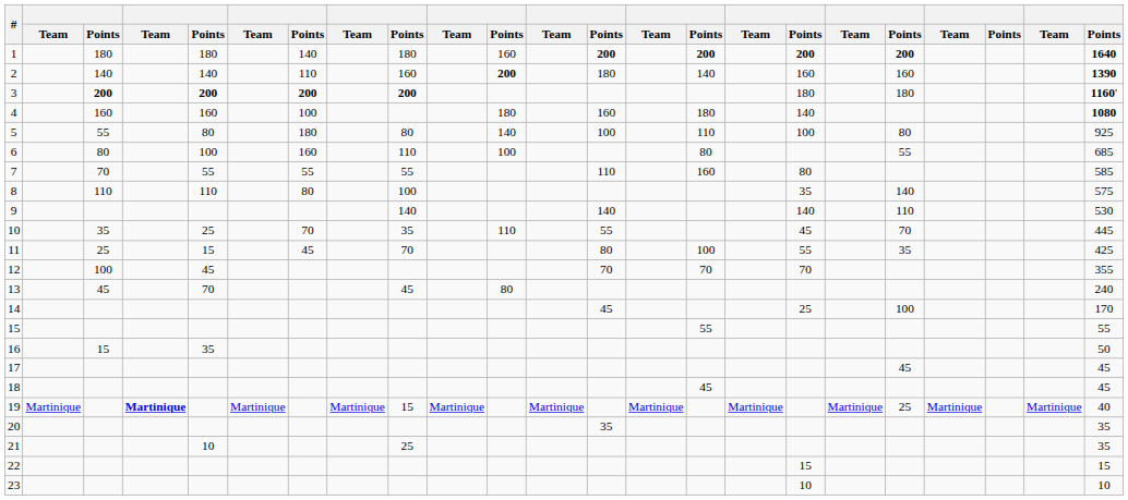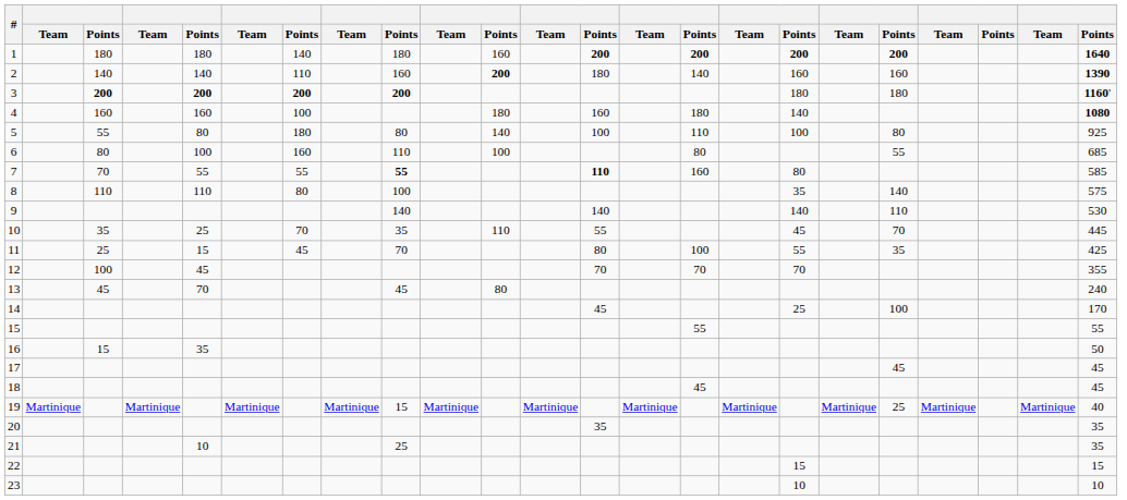 <table class=wikitable style="text-align:center;" width=100%>
 <tr>
 <th rowspan=2 width=5%>#</th>
 <th colspan=2><br></th>
 <th colspan=2></th>
 <th colspan=2></th>
 <th colspan=2><br></th>
 <th colspan=2><br></th>
 <th colspan=2><br></th>
 <th colspan=2></th>
 <th colspan=2><br></th>
 <th colspan=2><br></th>
 <th colspan=2><br></th>
 <th colspan=2></th>
 </tr>
 <tr>
 <th>Team</th>
 <th>Points</th>
 <th>Team</th>
 <th>Points</th>
 <th>Team</th>
 <th>Points</th>
 <th>Team</th>
 <th>Points</th>
 <th>Team</th>
 <th>Points</th>
 <th>Team</th>
 <th>Points</th>
 <th>Team</th>
 <th>Points</th>
 <th>Team</th>
 <th>Points</th>
 <th>Team</th>
 <th>Points</th>
 <th>Team</th>
 <th>Points</th>
 <th>Team</th>
 <th>Points</th>
 </tr>
 <tr>
 <td>1</td>
 <td></td>
 <td>180</td>
 <td></td>
 <td>180</td>
 <td></td>
 <td>140</td>
 <td></td>
 <td>180</td>
 <td></td>
 <td>160</td>
 <td></td>
 <td><strong>200</strong></td>
 <td></td>
 <td><strong>200</strong></td>
 <td></td>
 <td><strong>200</strong></td>
 <td></td>
 <td><strong>200</strong></td>
 <td></td>
 <td></td>
 <td></td>
 <td><strong>1640</strong></td>
 </tr>
 <tr>
 <td>2</td>
 <td></td>
 <td>140</td>
 <td></td>
 <td>140</td>
 <td></td>
 <td>110</td>
 <td></td>
 <td>160</td>
 <td></td>
 <td><strong>200</strong></td>
 <td></td>
 <td>180</td>
 <td></td>
 <td>140</td>
 <td></td>
 <td>160</td>
 <td></td>
 <td>160</td>
 <td></td>
 <td></td>
 <td></td>
 <td><strong>1390</strong></td>
 </tr>
 <tr>
 <td>3</td>
 <td></td>
 <td><strong>200</strong></td>
 <td></td>
 <td><strong>200</strong></td>
 <td></td>
 <td><strong>200</strong></td>
 <td></td>
 <td><strong>200</strong></td>
 <td></td>
 <td></td>
 <td></td>
 <td></td>
 <td></td>
 <td></td>
 <td></td>
 <td>180</td>
 <td></td>
 <td>180</td>
 <td></td>
 <td></td>
 <td></td>
 <td><strong>1160</strong>'</td>
 </tr>
 <tr>
 <td>4</td>
 <td></td>
 <td>160</td>
 <td></td>
 <td>160</td>
 <td></td>
 <td>100</td>
 <td></td>
 <td></td>
 <td></td>
 <td>180</td>
 <td></td>
 <td>160</td>
 <td></td>
 <td>180</td>
 <td></td>
 <td>140</td>
 <td></td>
 <td></td>
 <td></td>
 <td></td>
 <td></td>
 <td><strong>1080<em></td>
 </tr>
 <tr>
 <td>5</td>
 <td></td>
 <td>55</td>
 <td></td>
 <td>80</td>
 <td></td>
 <td>180</td>
 <td></td>
 <td>80</td>
 <td></td>
 <td>140</td>
 <td></td>
 <td>100</td>
 <td></td>
 <td>110</td>
 <td></td>
 <td>100</td>
 <td></td>
 <td>80</td>
 <td></td>
 <td></td>
 <td></td>
 <td></strong>925<strong></td>
 </tr>
 <tr>
 <td>6</td>
 <td></td>
 <td>80</td>
 <td></td>
 <td>100</td>
 <td></td>
 <td>160</td>
 <td></td>
 <td>110</td>
 <td></td>
 <td>100</td>
 <td></td>
 <td></td>
 <td></td>
 <td>80</td>
 <td></td>
 <td></td>
 <td></td>
 <td>55</td>
 <td></td>
 <td></td>
 <td></td>
 <td></strong>685<strong></td>
 </tr>
 <tr>
 <td>7</td>
 <td></td>
 <td>70</td>
 <td></td>
 <td>55</td>
 <td></td>
 <td>55</td>
 <td></td>
-<td>55</td>
+<td><strong>55</strong></td>
 <td></td>
 <td></td>
 <td></td>
-<td>110</td>
+<td><strong>110</strong></td>
 <td></td>
 <td>160</td>
 <td></td>
 <td>80</td>
 <td></td>
 <td></td>
 <td></td>
 <td></td>
 <td></td>
 <td></strong>585<strong></td>
 </tr>
 <tr>
 <td>8</td>
 <td></td>
 <td>110</td>
 <td></td>
 <td>110</td>
 <td></td>
 <td>80</td>
 <td></td>
 <td>100</td>
 <td></td>
 <td></td>
 <td></td>
 <td></td>
 <td></td>
 <td></td>
 <td></td>
 <td>35</td>
 <td></td>
 <td>140</td>
 <td></td>
 <td></td>
 <td></td>
 <td></strong>575<strong></td>
 </tr>
 <tr>
 <td>9</td>
 <td></td>
 <td></td>
 <td></td>
 <td></td>
 <td></td>
 <td></td>
 <td></td>
 <td>140</td>
 <td></td>
 <td></td>
 <td></td>
 <td>140</td>
 <td></td>
 <td></td>
 <td></td>
 <td>140</td>
 <td></td>
 <td>110</td>
 <td></td>
 <td></td>
 <td></td>
 <td></strong>530<strong></td>
 </tr>
 <tr>
 <td>10</td>
 <td></td>
 <td>35</td>
 <td></td>
 <td>25</td>
 <td></td>
 <td>70</td>
 <td></td>
 <td>35</td>
 <td></td>
 <td>110</td>
 <td></td>
 <td>55</td>
 <td></td>
 <td></td>
 <td></td>
 <td>45</td>
 <td></td>
 <td>70</td>
 <td></td>
 <td></td>
 <td></td>
 <td></strong>445<strong></td>
 </tr>
 <tr>
 <td>11</td>
 <td></td>
 <td>25</td>
 <td></td>
 <td>15</td>
 <td></td>
 <td>45</td>
 <td></td>
 <td>70</td>
 <td></td>
 <td></td>
 <td></td>
 <td>80</td>
 <td></td>
 <td>100</td>
 <td></td>
 <td>55</td>
 <td></td>
 <td>35</td>
 <td></td>
 <td></td>
 <td></td>
 <td></strong>425<strong></td>
 </tr>
 <tr>
 <td>12</td>
 <td></td>
 <td>100</td>
 <td></td>
 <td>45</td>
 <td></td>
 <td></td>
 <td></td>
 <td></td>
 <td></td>
 <td></td>
 <td></td>
 <td>70</td>
 <td></td>
 <td>70</td>
 <td></td>
 <td>70</td>
 <td></td>
 <td></td>
 <td></td>
 <td></td>
 <td></td>
 <td></strong>355<strong></td>
 </tr>
 <tr>
 <td>13</td>
 <td></td>
 <td>45</td>
 <td></td>
 <td>70</td>
 <td></td>
 <td></td>
 <td></td>
 <td>45</td>
 <td></td>
 <td>80</td>
 <td></td>
 <td></td>
 <td></td>
 <td></td>
 <td></td>
 <td></td>
 <td></td>
 <td></td>
 <td></td>
 <td></td>
 <td></td>
 <td></strong>240<strong></td>
 </tr>
 <tr>
 <td>14</td>
 <td></td>
 <td></td>
 <td></td>
 <td></td>
 <td></td>
 <td></td>
 <td></td>
 <td></td>
 <td></td>
 <td></td>
 <td></td>
 <td>45</td>
 <td></td>
 <td></td>
 <td></td>
 <td>25</td>
 <td></td>
 <td>100</td>
 <td></td>
 <td></td>
 <td></td>
 <td></strong>170<strong></td>
 </tr>
 <tr>
 <td>15</td>
 <td></td>
 <td></td>
 <td></td>
 <td></td>
 <td></td>
 <td></td>
 <td></td>
 <td></td>
 <td></td>
 <td></td>
 <td></td>
 <td></td>
 <td></td>
 <td>55</td>
 <td></td>
 <td></td>
 <td></td>
 <td></td>
 <td></td>
 <td></td>
 <td></td>
 <td></strong>55<strong></td>
 </tr>
 <tr>
 <td>16</td>
 <td></td>
 <td>15</td>
 <td></td>
 <td>35</td>
 <td></td>
 <td></td>
 <td></td>
 <td></td>
 <td></td>
 <td></td>
 <td></td>
 <td></td>
 <td></td>
 <td></td>
 <td></td>
 <td></td>
 <td></td>
 <td></td>
 <td></td>
 <td></td>
 <td></td>
 <td></strong>50<strong></td>
 </tr>
 <tr>
 <td>17</td>
 <td></td>
 <td></td>
 <td></td>
 <td></td>
 <td></td>
 <td></td>
 <td></td>
 <td></td>
 <td></td>
 <td></td>
 <td></td>
 <td></td>
 <td></td>
 <td></td>
 <td></td>
 <td></td>
 <td></td>
 <td>45</td>
 <td></td>
 <td></td>
 <td></td>
 <td></strong>45<strong></td>
 </tr>
 <tr>
 <td>18</td>
 <td></td>
 <td></td>
 <td></td>
 <td></td>
 <td></td>
 <td></td>
 <td></td>
 <td></td>
 <td></td>
 <td></td>
 <td></td>
 <td></td>
 <td></td>
 <td>45</td>
 <td></td>
 <td></td>
 <td></td>
 <td></td>
 <td></td>
 <td></td>
 <td></td>
 <td></strong>45<strong></td>
 </tr>
 <tr>
 <td>19</td>
 <td> <a href='#'>Martinique</a></td>
 <td></td>
-<td><strong> <a href='#'>Martinique</a></strong></td>
+<td> <a href='#'>Martinique</a></td>
 <td></td>
 <td> <a href='#'>Martinique</a></td>
 <td></td>
 <td> <a href='#'>Martinique</a></td>
 <td>15</td>
 <td> <a href='#'>Martinique</a></td>
 <td></td>
 <td> <a href='#'>Martinique</a></td>
 <td></td>
 <td> <a href='#'>Martinique</a></td>
 <td></td>
 <td> <a href='#'>Martinique</a></td>
 <td></td>
 <td> <a href='#'>Martinique</a></td>
 <td>25</td>
 <td> <a href='#'>Martinique</a></td>
 <td></td>
 <td> <a href='#'>Martinique</a></td>
 <td></strong>40<strong></td>
 </tr>
 <tr>
 <td>20</td>
 <td></td>
 <td></td>
 <td></td>
 <td></td>
 <td></td>
 <td></td>
 <td></td>
 <td></td>
 <td></td>
 <td></td>
 <td></td>
 <td>35</td>
 <td></td>
 <td></td>
 <td></td>
 <td></td>
 <td></td>
 <td></td>
 <td></td>
 <td></td>
 <td></td>
 <td></strong>35<strong></td>
 </tr>
 <tr>
 <td>21</td>
 <td></td>
 <td></td>
 <td></td>
 <td>10</td>
 <td></td>
 <td></td>
 <td></td>
 <td>25</td>
 <td></td>
 <td></td>
 <td></td>
 <td></td>
 <td></td>
 <td></td>
 <td></td>
 <td></td>
 <td></td>
 <td></td>
 <td></td>
 <td></td>
 <td></td>
 <td></strong>35<strong></td>
 </tr>
 <tr>
 <td>22</td>
 <td></td>
 <td></td>
 <td></td>
 <td></td>
 <td></td>
 <td></td>
 <td></td>
 <td></td>
 <td></td>
 <td></td>
 <td></td>
 <td></td>
 <td></td>
 <td></td>
 <td></td>
 <td>15</td>
 <td></td>
 <td></td>
 <td></td>
 <td></td>
 <td></td>
 <td></strong>15<strong></td>
 </tr>
 <tr>
 <td>23</td>
 <td></td>
 <td></td>
 <td></td>
 <td></td>
 <td></td>
 <td></td>
 <td></td>
 <td></td>
 <td></td>
 <td></td>
 <td></td>
 <td></td>
 <td></td>
 <td></td>
 <td></td>
 <td>10</td>
 <td></td>
 <td></td>
 <td></td>
 <td></td>
 <td></td>
 <td></strong>10<strong></td>
 </tr>
 </table>
